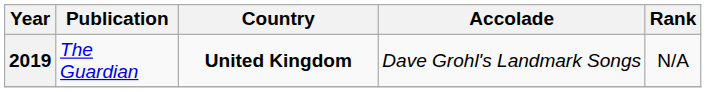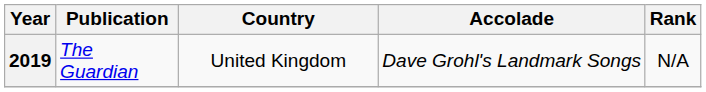 <table class="wikitable plainrowheaders" style="text-align:left;">
 <tr>
 <th scope="col">Year</th>
 <th scope="col" style="width:6em;">Publication</th>
 <th scope="col" style="width:10em;">Country</th>
 <th scope="col">Accolade</th>
 <th scope="col">Rank</th>
 </tr>
 <tr>
 <th scope="row">2019</th>
 <td><em><a href='#'>The Guardian</a></em></td>
-<td style="text-align:center;" rowspan="1"><strong>United Kingdom</strong></td>
+<td style="text-align:center;" rowspan="1">United Kingdom</td>
 <td><em>Dave Grohl's Landmark Songs</em></td>
 <td style="text-align:center;">N/A</td>
 </tr>
 <tr>
 </tr>
 </table>
